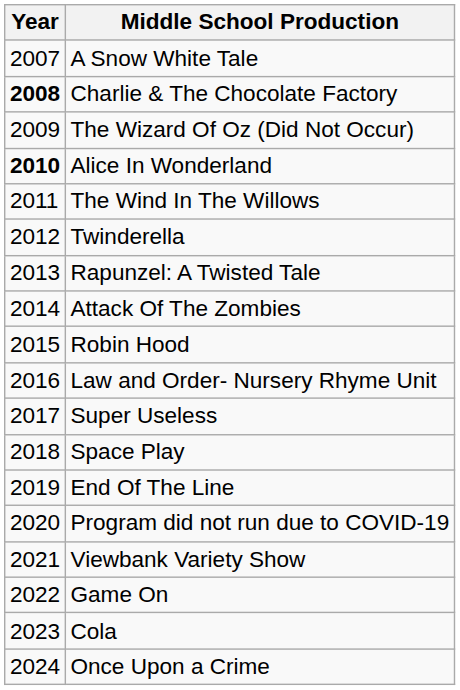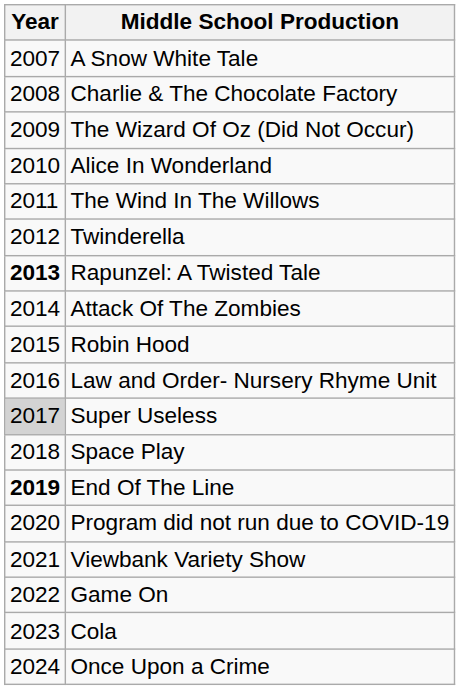 <table class= "wikitable">
 <tr>
 <th>Year</th>
 <th>Middle School Production</th>
 </tr>
 <tr>
 <td>2007</td>
 <td>A Snow White Tale</td>
 </tr>
 <tr>
-<td><strong>2008</strong></td>
+<td>2008</td>
 <td>Charlie & The Chocolate Factory</td>
 </tr>
 <tr>
 <td>2009</td>
 <td>The Wizard Of Oz (Did Not Occur)</td>
 </tr>
 <tr>
-<td><strong>2010</strong></td>
+<td>2010</td>
 <td>Alice In Wonderland</td>
 </tr>
 <tr>
 <td>2011</td>
 <td>The Wind In The Willows</td>
 </tr>
 <tr>
 <td>2012</td>
 <td>Twinderella</td>
 </tr>
 <tr>
-<td>2013</td>
+<td><strong>2013</strong></td>
 <td>Rapunzel: A Twisted Tale</td>
 </tr>
 <tr>
 <td>2014</td>
 <td>Attack Of The Zombies</td>
 </tr>
 <tr>
 <td>2015</td>
 <td>Robin Hood</td>
 </tr>
 <tr>
 <td>2016</td>
 <td>Law and Order- Nursery Rhyme Unit</td>
 </tr>
 <tr>
-<td>2017</td>
+<td style="background: lightgrey;">2017</td>
 <td>Super Useless</td>
 </tr>
 <tr>
 <td>2018</td>
 <td>Space Play</td>
 </tr>
 <tr>
-<td>2019</td>
+<td><strong>2019</strong></td>
 <td>End Of The Line</td>
 </tr>
 <tr>
 <td>2020</td>
 <td>Program did not run due to COVID-19</td>
 </tr>
 <tr>
 <td>2021</td>
 <td>Viewbank Variety Show</td>
 </tr>
 <tr>
 <td>2022</td>
 <td>Game On</td>
 </tr>
 <tr>
 <td>2023</td>
 <td>Cola</td>
 </tr>
 <tr>
 <td>2024</td>
 <td>Once Upon a Crime</td>
 </tr>
 </table>
